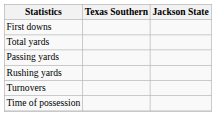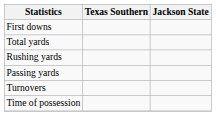 <table class="wikitable">
 <tr>
 <th>Statistics</th>
 <th>Texas Southern</th>
 <th>Jackson State</th>
 </tr>
 <tr>
 <td>First downs</td>
 <td></td>
 <td> </td>
 </tr>
 <tr>
 <td>Total yards</td>
 <td></td>
 <td> </td>
 </tr>
 <tr>
-<td>Passing yards</td>
+<td>Rushing yards</td>
 <td></td>
 <td> </td>
 </tr>
 <tr>
-<td>Rushing yards</td>
+<td>Passing yards</td>
 <td></td>
 <td> </td>
 </tr>
 <tr>
 <td>Turnovers</td>
 <td></td>
 <td> </td>
 </tr>
 <tr>
 <td>Time of possession</td>
 <td></td>
 <td> </td>
 </tr>
 <tr>
 </tr>
 </table>
